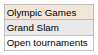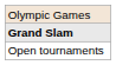 <table class=wikitable style=font-size:85%;width:20%>
 <tr bgcolor=#F3E6D7>
 <td>Olympic Games</td>
 </tr>
 <tr bgcolor=#E9E9E9>
-<td>Grand Slam</td>
+<td><strong>Grand Slam</strong></td>
 </tr>
 <tr bgcolor=#ffffff>
 <td>Open tournaments</td>
 </tr>
 </table>
